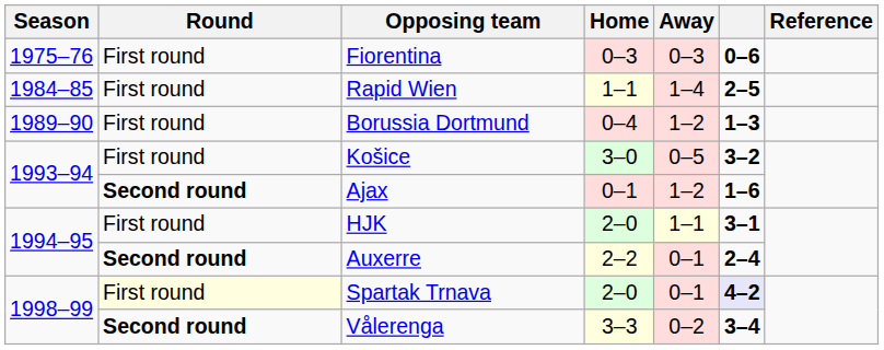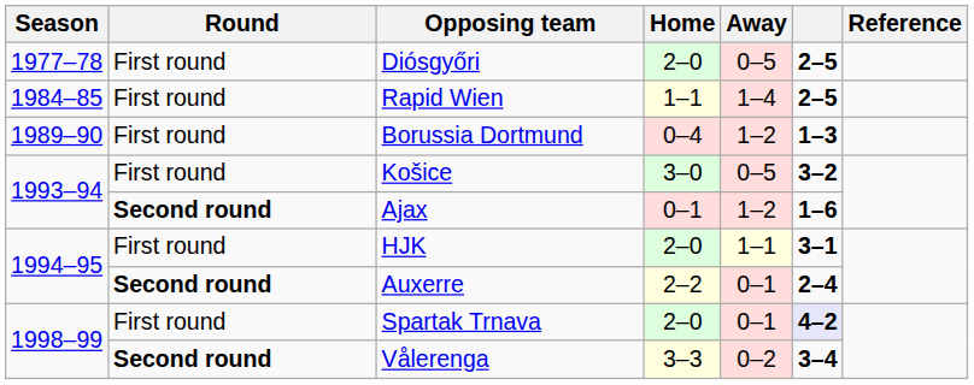 <table class="wikitable">
 <tr>
 <th>Season</th>
 <th width=175>Round</th>
 <th width=175>Opposing team</th>
 <th>Home</th>
 <th>Away</th>
 <th></th>
 <th>Reference</th>
 </tr>
 <tr>
-<td><a href='#'>1975–76</a></td>
+<td><a href='#'>1977–78</a></td>
 <td>First round</td>
-<td> <a href='#'>Fiorentina</a></td>
-<td style="text-align:center; background:#fdd;">0–3</td>
-<td style="text-align:center; background:#fdd;">0–3</td>
-<td style="text-align:center;"><strong>0–6</strong></td>
+<td> <a href='#'>Diósgyőri</a></td>
+<td style="text-align:center; background:#dfd;">2–0</td>
+<td style="text-align:center; background:#fdd;">0–5</td>
+<td style="text-align:center;"><strong>2–5</strong></td>
 <td style="text-align:center;"></td>
 </tr>
 <tr>
 <td><a href='#'>1984–85</a></td>
 <td>First round</td>
 <td> <a href='#'>Rapid Wien</a></td>
 <td style="text-align:center; background:#ffd;">1–1</td>
 <td style="text-align:center; background:#fdd;">1–4</td>
 <td style="text-align:center;"><strong>2–5</strong></td>
 <td style="text-align:center;"></td>
 </tr>
 <tr>
 <td><a href='#'>1989–90</a></td>
 <td>First round</td>
 <td> <a href='#'>Borussia Dortmund</a></td>
 <td style="text-align:center; background:#fdd;">0–4</td>
 <td style="text-align:center; background:#fdd;">1–2</td>
 <td style="text-align:center;"><strong>1–3</strong></td>
 <td style="text-align:center;"></td>
 </tr>
 <tr>
 <td rowspan="2"><a href='#'>1993–94</a></td>
 <td>First round</td>
 <td> <a href='#'>Košice</a></td>
 <td style="text-align:center; background:#dfd;">3–0</td>
 <td style="text-align:center; background:#fdd;">0–5</td>
 <td style="text-align:center;"><strong>3–2</strong></td>
 <td rowspan="2" style="text-align:center;"></td>
 </tr>
 <tr>
 <td><strong>Second round</strong></td>
 <td> <a href='#'>Ajax</a></td>
 <td style="text-align:center; background:#fdd;">0–1</td>
 <td style="text-align:center; background:#fdd;">1–2</td>
 <td style="text-align:center;"><strong>1–6</strong></td>
 </tr>
 <tr>
 <td rowspan="2"><a href='#'>1994–95</a></td>
 <td>First round</td>
 <td> <a href='#'>HJK</a></td>
 <td style="text-align:center; background:#dfd;">2–0</td>
 <td style="text-align:center; background:#ffd;">1–1</td>
 <td style="text-align:center;"><strong>3–1</strong></td>
 <td rowspan="2" style="text-align:center;"></td>
 </tr>
 <tr>
 <td><strong>Second round</strong></td>
 <td> <a href='#'>Auxerre</a></td>
 <td style="text-align:center; background:#ffd;">2–2</td>
 <td style="text-align:center; background:#fdd;">0–1</td>
 <td style="text-align:center;"><strong>2–4</strong></td>
 </tr>
 <tr>
 <td rowspan="2"><a href='#'>1998–99</a></td>
-<td style="background: lightyellow;">First round</td>
+<td>First round</td>
 <td> <a href='#'>Spartak Trnava</a></td>
 <td style="text-align:center; background:#dfd;">2–0</td>
 <td style="text-align:center; background:#fdd;">0–1</td>
 <td style="background: lavender; text-align:center;"><strong>4–2</strong></td>
 <td rowspan="2" style="text-align:center;"></td>
 </tr>
 <tr>
 <td><strong>Second round</strong></td>
 <td> <a href='#'>Vålerenga</a></td>
 <td style="text-align:center; background:#ffd;">3–3</td>
 <td style="text-align:center; background:#fdd;">0–2</td>
 <td style="text-align:center;"><strong>3–4</strong></td>
 </tr>
 </table>
